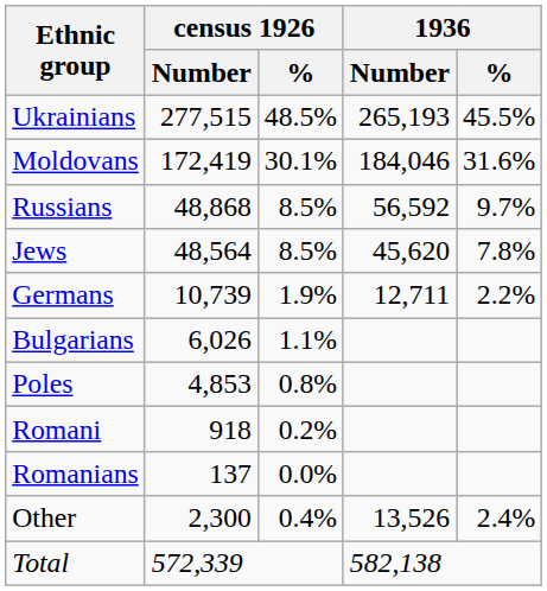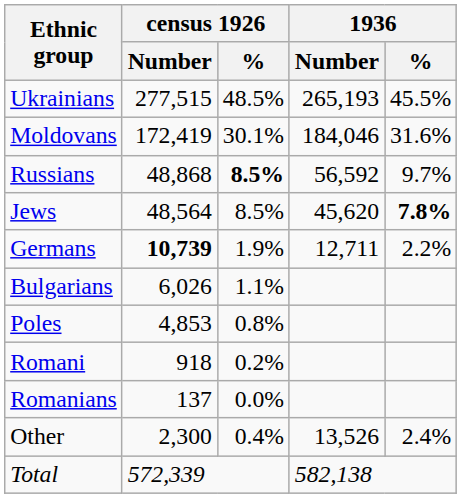 <table class="wikitable">
 <tr>
 <th rowspan="2">Ethnic<br>group</th>
 <th colspan="2">census 1926</th>
 <th colspan="2">1936</th>
 </tr>
 <tr>
 <th>Number</th>
 <th>%</th>
 <th>Number</th>
 <th>%</th>
 </tr>
 <tr>
 <td><a href='#'>Ukrainians</a></td>
 <td align="right">277,515</td>
 <td align="right">48.5%</td>
 <td align="right">265,193</td>
 <td align="right">45.5%</td>
 </tr>
 <tr>
 <td><a href='#'>Moldovans</a></td>
 <td align="right">172,419</td>
 <td align="right">30.1%</td>
 <td align="right">184,046</td>
 <td align="right">31.6%</td>
 </tr>
 <tr>
 <td><a href='#'>Russians</a></td>
 <td align="right">48,868</td>
-<td align="right">8.5%</td>
+<td align="right"><strong>8.5%</strong></td>
 <td align="right">56,592</td>
 <td align="right">9.7%</td>
 </tr>
 <tr>
 <td><a href='#'>Jews</a></td>
 <td align="right">48,564</td>
 <td align="right">8.5%</td>
 <td align="right">45,620</td>
-<td align="right">7.8%</td>
+<td align="right"><strong>7.8%</strong></td>
 </tr>
 <tr>
 <td><a href='#'>Germans</a></td>
-<td align="right">10,739</td>
+<td align="right"><strong>10,739</strong></td>
 <td align="right">1.9%</td>
 <td align="right">12,711</td>
 <td align="right">2.2%</td>
 </tr>
 <tr>
 <td><a href='#'>Bulgarians</a></td>
 <td align="right">6,026</td>
 <td align="right">1.1%</td>
 <td align="right"></td>
 <td align="right"></td>
 </tr>
 <tr>
 <td><a href='#'>Poles</a></td>
 <td align="right">4,853</td>
 <td align="right">0.8%</td>
 <td align="right"></td>
 <td align="right"></td>
 </tr>
 <tr>
 <td><a href='#'>Romani</a></td>
 <td align="right">918</td>
 <td align="right">0.2%</td>
 <td align="right"></td>
 <td align="right"></td>
 </tr>
 <tr>
 <td><a href='#'>Romanians</a></td>
 <td align="right">137</td>
 <td align="right">0.0%</td>
 <td align="right"></td>
 <td align="right"></td>
 </tr>
 <tr>
 <td>Other</td>
 <td align="right">2,300</td>
 <td align="right">0.4%</td>
 <td align="right">13,526</td>
 <td align="right">2.4%</td>
 </tr>
 <tr>
 <td align="left"><em>Total</em></td>
 <td colspan="2"><em>572,339</em></td>
 <td colspan="2"><em>582,138</em></td>
 </tr>
 </table>
